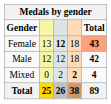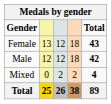 <table class="wikitable" style="font-size:85%">
 <tr style="background:#efefef;">
 <th colspan=7><strong>Medals by gender</strong></th>
 </tr>
 <tr align=center>
 <td><strong>Gender</strong></td>
 <td bgcolor=#f7f6a8></td>
 <td bgcolor=#dce5e5></td>
 <td bgcolor=#ffdab9></td>
 <td><strong>Total</strong></td>
 </tr>
 <tr align=center>
 <td>Female</td>
 <td style="background:#F7F6A8;">13</td>
-<td style="background:#DCE5E5;"><strong>12</strong></td>
+<td style="background:#DCE5E5;">12</td>
 <td style="background:#FFDAB9;">18</td>
-<td style="background: lightsalmon;"><strong>43</strong></td>
+<td><strong>43</strong></td>
 </tr>
 <tr align=center>
 <td>Male</td>
 <td style="background:#F7F6A8;">12</td>
 <td style="background:#DCE5E5;">12</td>
 <td style="background:#FFDAB9;">18</td>
 <td><strong>42</strong></td>
 </tr>
 <tr align=center>
 <td>Mixed</td>
 <td style="background:#F7F6A8;">0</td>
 <td style="background:#DCE5E5;">2</td>
-<td style="background:#FFDAB9;"><strong>2</strong></td>
+<td style="background:#FFDAB9;">2</td>
 <td><strong>4</strong></td>
 </tr>
 <tr align=center>
 <th><strong>Total</strong></th>
 <th style="background:gold;"><strong>25</strong></th>
 <th style="background:silver;"><strong>26</strong></th>
 <th style="background:#c96;"><strong>38</strong></th>
 <th><strong>89</strong></th>
 </tr>
 </table>
